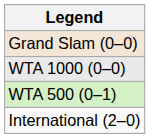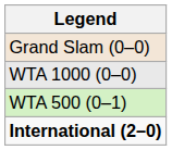 <table class=wikitable style="font-size:90%;">
 <tr>
 <th>Legend</th>
 </tr>
 <tr>
 <td bgcolor=#f3e6d7>Grand Slam (0–0)</td>
 </tr>
 <tr>
 <td bgcolor=#e9e9e9>WTA 1000 (0–0)</td>
 </tr>
 <tr>
 <td bgcolor=#d4f1c5>WTA 500 (0–1)</td>
 </tr>
 <tr>
-<td>International (2–0)</td>
+<td><strong>International (2–0)</strong></td>
 </tr>
 </table>
